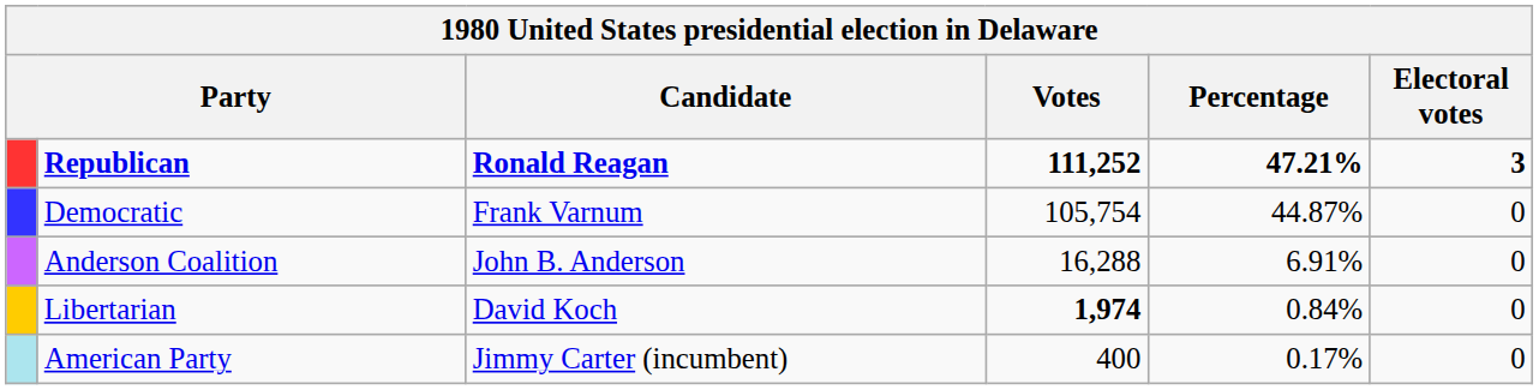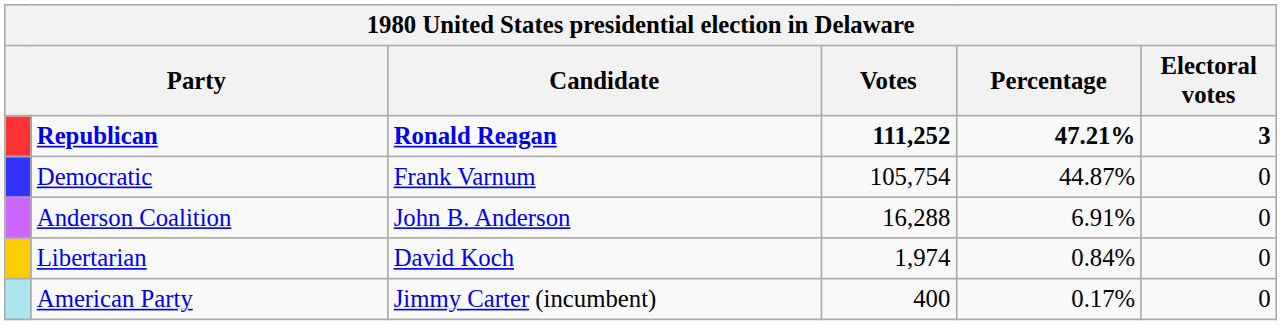 <table class="wikitable" style="font-size: 95%;">
 <tr>
 <th colspan="6">1980 United States presidential election in Delaware</th>
 </tr>
 <tr>
 <th colspan="2" style="width: 15em">Party</th>
 <th style="width: 17em">Candidate</th>
 <th style="width: 5em">Votes</th>
 <th style="width: 7em">Percentage</th>
 <th style="width: 5em">Electoral votes</th>
 </tr>
 <tr>
 <th style="background:#f33; width:3px;"></th>
 <td style="width: 130px"><strong><a href='#'>Republican</a></strong></td>
 <td><strong><a href='#'>Ronald Reagan</a></strong></td>
 <td style="text-align:right;"><strong>111,252</strong></td>
 <td style="text-align:right;"><strong>47.21%</strong></td>
 <td style="text-align:right;"><strong>3</strong></td>
 </tr>
 <tr>
 <th style="background:#33f; width:3px;"></th>
 <td style="width: 130px"><a href='#'>Democratic</a></td>
 <td><a href='#'>Frank Varnum</a></td>
 <td style="text-align:right;">105,754</td>
 <td style="text-align:right;">44.87%</td>
 <td style="text-align:right;">0</td>
 </tr>
 <tr>
 <th style="background:#CC66FF; width:3px;"></th>
 <td style="width: 130px"><a href='#'>Anderson Coalition</a></td>
 <td><a href='#'>John B. Anderson</a></td>
 <td style="text-align:right;">16,288</td>
 <td style="text-align:right;">6.91%</td>
 <td style="text-align:right;">0</td>
 </tr>
 <tr>
 <th style="background:#FFCC00; width:3px;"></th>
 <td style="width: 130px"><a href='#'>Libertarian</a></td>
 <td><a href='#'>David Koch</a></td>
-<td style="text-align:right;"><strong>1,974</strong></td>
+<td style="text-align:right;">1,974</td>
 <td style="text-align:right;">0.84%</td>
 <td style="text-align:right;">0</td>
 </tr>
 <tr>
 <th style="background: #ACE5EE; width:3px;"></th>
 <td style="width: 130px"><a href='#'>American Party</a></td>
 <td><a href='#'>Jimmy Carter</a> (incumbent)</td>
 <td style="text-align:right;">400</td>
 <td style="text-align:right;">0.17%</td>
 <td style="text-align:right;">0</td>
 </tr>
 </table>
